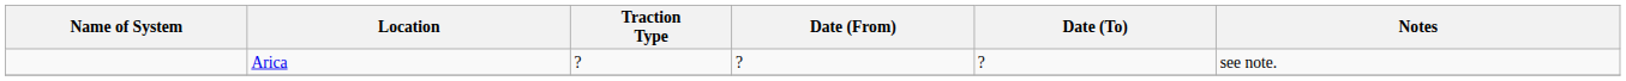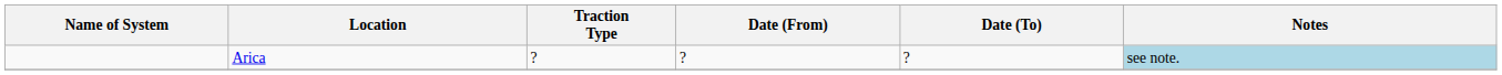 <table class="wikitable" width=100%>
 <tr>
 <th width=15%>Name of System</th>
 <th width=20%>Location</th>
 <th width=10%>Traction<br>Type</th>
 <th width=15%>Date (From)</th>
 <th width=15%>Date (To)</th>
 <th width=25%>Notes</th>
 </tr>
 <tr>
 <td> </td>
 <td><a href='#'>Arica</a></td>
 <td>?</td>
 <td>?</td>
 <td>?</td>
-<td>see note.</td>
+<td style="background: lightblue;">see note.</td>
 </tr>
 <tr>
 </tr>
 </table>
